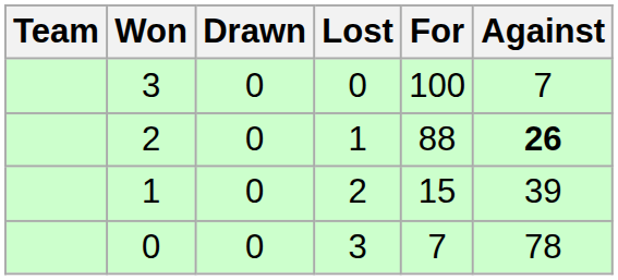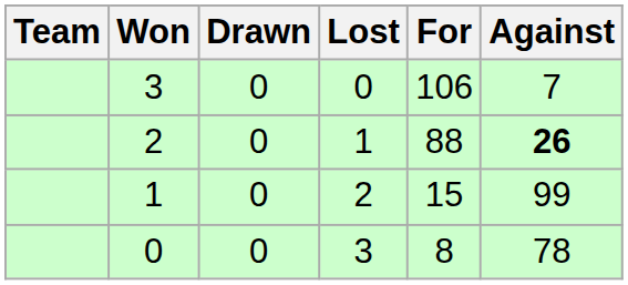 <table class="wikitable" style="text-align: center;">
 <tr>
 <th>Team</th>
 <th>Won</th>
 <th>Drawn</th>
 <th>Lost</th>
 <th>For</th>
 <th>Against</th>
 </tr>
 <tr bgcolor=ccffcc>
 <td align=left></td>
 <td>3</td>
 <td>0</td>
 <td>0</td>
-<td>100</td>
+<td>106</td>
 <td>7</td>
 </tr>
 <tr bgcolor=ccffcc>
 <td align=left></td>
 <td>2</td>
 <td>0</td>
 <td>1</td>
 <td>88</td>
 <td><strong>26</strong></td>
 </tr>
 <tr bgcolor=ccffcc>
 <td align=left></td>
 <td>1</td>
 <td>0</td>
 <td>2</td>
 <td>15</td>
-<td>39</td>
+<td>99</td>
 </tr>
 <tr bgcolor=ccffcc>
 <td align=left></td>
 <td>0</td>
 <td>0</td>
 <td>3</td>
-<td>7</td>
+<td>8</td>
 <td>78</td>
 </tr>
 </table>
